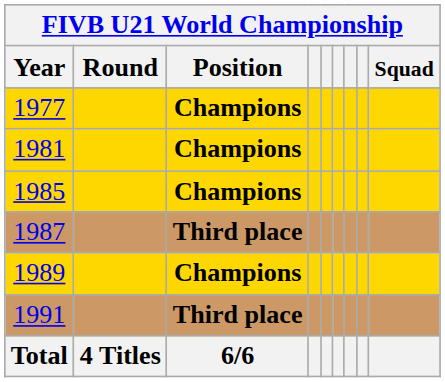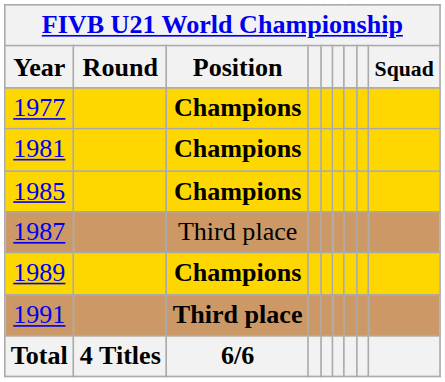 <table class="wikitable" style="text-align: center;">
 <tr>
 <th colspan=9><a href='#'>FIVB U21 World Championship</a></th>
 </tr>
 <tr>
 <th>Year</th>
 <th>Round</th>
 <th>Position</th>
 <th></th>
 <th></th>
 <th></th>
 <th></th>
 <th></th>
 <th><small>Squad</small></th>
 </tr>
 <tr bgcolor=gold>
 <td> <a href='#'>1977</a></td>
 <td></td>
 <td><strong>Champions</strong></td>
 <td></td>
 <td></td>
 <td></td>
 <td></td>
 <td></td>
 <td></td>
 </tr>
 <tr bgcolor=gold>
 <td> <a href='#'>1981</a></td>
 <td></td>
 <td><strong>Champions</strong></td>
 <td></td>
 <td></td>
 <td></td>
 <td></td>
 <td></td>
 <td></td>
 </tr>
 <tr bgcolor=gold>
 <td> <a href='#'>1985</a></td>
 <td></td>
 <td><strong>Champions</strong></td>
 <td></td>
 <td></td>
 <td></td>
 <td></td>
 <td></td>
 <td></td>
 </tr>
 <tr bgcolor=cc9966>
 <td> <a href='#'>1987</a></td>
 <td></td>
-<td><strong>Third place</strong></td>
+<td>Third place</td>
 <td></td>
 <td></td>
 <td></td>
 <td></td>
 <td></td>
 <td></td>
 </tr>
 <tr bgcolor=gold>
 <td> <a href='#'>1989</a></td>
 <td></td>
 <td><strong>Champions</strong></td>
 <td></td>
 <td></td>
 <td></td>
 <td></td>
 <td></td>
 <td></td>
 </tr>
 <tr bgcolor=cc9966>
 <td> <a href='#'>1991</a></td>
 <td></td>
 <td><strong>Third place</strong></td>
 <td></td>
 <td></td>
 <td></td>
 <td></td>
 <td></td>
 <td></td>
 </tr>
 <tr>
 <th>Total</th>
 <th>4 Titles</th>
 <th>6/6</th>
 <th></th>
 <th></th>
 <th></th>
 <th></th>
 <th></th>
 <th></th>
 </tr>
 </table>
